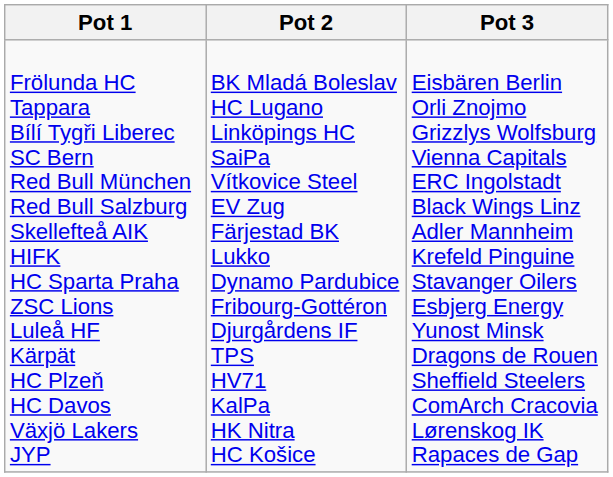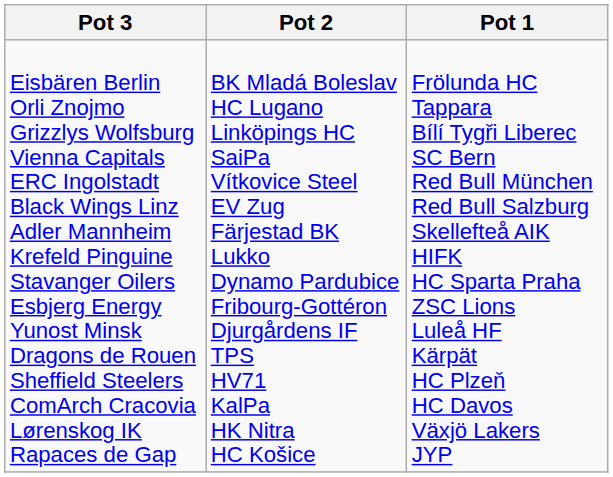 <table class="wikitable" style="font-size: 95%;">
 <tr>
+<th width=33%>Pot 3</th>
+<th width=33%>Pot 2</th>
 <th width=33%>Pot 1</th>
-<th width=33%>Pot 2</th>
-<th width=33%>Pot 3</th>
 </tr>
 <tr>
+<td><br> <a href='#'>Eisbären Berlin</a> <br>  <a href='#'>Orli Znojmo</a> <br>  <a href='#'>Grizzlys Wolfsburg</a> <br>  <a href='#'>Vienna Capitals</a> <br>  <a href='#'>ERC Ingolstadt</a> <br>  <a href='#'>Black Wings Linz</a> <br>  <a href='#'>Adler Mannheim</a> <br>  <a href='#'>Krefeld Pinguine</a> <br>  <a href='#'>Stavanger Oilers</a> <br>  <a href='#'>Esbjerg Energy</a> <br>  <a href='#'>Yunost Minsk</a> <br>  <a href='#'>Dragons de Rouen</a> <br>  <a href='#'>Sheffield Steelers</a> <br>  <a href='#'>ComArch Cracovia</a> <br>  <a href='#'>Lørenskog IK</a> <br>  <a href='#'>Rapaces de Gap</a></td>
+<td><br> <a href='#'>BK Mladá Boleslav</a> <br>  <a href='#'>HC Lugano</a> <br>  <a href='#'>Linköpings HC</a> <br>  <a href='#'>SaiPa</a> <br>  <a href='#'>Vítkovice Steel</a> <br>  <a href='#'>EV Zug</a> <br>  <a href='#'>Färjestad BK</a> <br>  <a href='#'>Lukko</a> <br>  <a href='#'>Dynamo Pardubice</a> <br>  <a href='#'>Fribourg-Gottéron</a> <br>  <a href='#'>Djurgårdens IF</a> <br>  <a href='#'>TPS</a> <br>  <a href='#'>HV71</a> <br>  <a href='#'>KalPa</a> <br>  <a href='#'>HK Nitra</a> <br>  <a href='#'>HC Košice</a></td>
 <td><br> <a href='#'>Frölunda HC</a> <br>  <a href='#'>Tappara</a> <br>  <a href='#'>Bílí Tygři Liberec</a> <br>  <a href='#'>SC Bern</a> <br>  <a href='#'>Red Bull München</a> <br>  <a href='#'>Red Bull Salzburg</a> <br>  <a href='#'>Skellefteå AIK</a> <br>  <a href='#'>HIFK</a> <br>  <a href='#'>HC Sparta Praha</a> <br>  <a href='#'>ZSC Lions</a> <br>  <a href='#'>Luleå HF</a> <br>  <a href='#'>Kärpät</a> <br>  <a href='#'>HC Plzeň</a> <br>  <a href='#'>HC Davos</a> <br>  <a href='#'>Växjö Lakers</a> <br>  <a href='#'>JYP</a></td>
-<td><br> <a href='#'>BK Mladá Boleslav</a> <br>  <a href='#'>HC Lugano</a> <br>  <a href='#'>Linköpings HC</a> <br>  <a href='#'>SaiPa</a> <br>  <a href='#'>Vítkovice Steel</a> <br>  <a href='#'>EV Zug</a> <br>  <a href='#'>Färjestad BK</a> <br>  <a href='#'>Lukko</a> <br>  <a href='#'>Dynamo Pardubice</a> <br>  <a href='#'>Fribourg-Gottéron</a> <br>  <a href='#'>Djurgårdens IF</a> <br>  <a href='#'>TPS</a> <br>  <a href='#'>HV71</a> <br>  <a href='#'>KalPa</a> <br>  <a href='#'>HK Nitra</a> <br>  <a href='#'>HC Košice</a></td>
-<td><br> <a href='#'>Eisbären Berlin</a> <br>  <a href='#'>Orli Znojmo</a> <br>  <a href='#'>Grizzlys Wolfsburg</a> <br>  <a href='#'>Vienna Capitals</a> <br>  <a href='#'>ERC Ingolstadt</a> <br>  <a href='#'>Black Wings Linz</a> <br>  <a href='#'>Adler Mannheim</a> <br>  <a href='#'>Krefeld Pinguine</a> <br>  <a href='#'>Stavanger Oilers</a> <br>  <a href='#'>Esbjerg Energy</a> <br>  <a href='#'>Yunost Minsk</a> <br>  <a href='#'>Dragons de Rouen</a> <br>  <a href='#'>Sheffield Steelers</a> <br>  <a href='#'>ComArch Cracovia</a> <br>  <a href='#'>Lørenskog IK</a> <br>  <a href='#'>Rapaces de Gap</a></td>
 </tr>
 </table>
